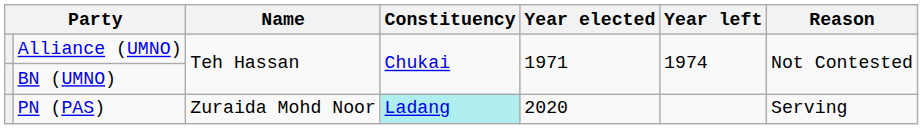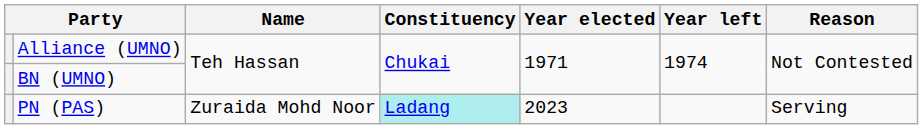 <table class="wikitable sortable">
 <tr>
 <th colspan=2>Party</th>
 <th>Name</th>
 <th>Constituency</th>
 <th>Year elected</th>
 <th>Year left</th>
 <th>Reason</th>
 </tr>
 <tr>
 <th style="background-color: "></th>
 <td><a href='#'>Alliance</a> (<a href='#'>UMNO</a>)</td>
 <td rowspan=2>Teh Hassan</td>
 <td rowspan=2><a href='#'>Chukai</a></td>
 <td rowspan=2>1971</td>
 <td rowspan=2>1974</td>
 <td rowspan=2>Not Contested</td>
 </tr>
 <tr>
 <th style="background-color: "></th>
 <td><a href='#'>BN</a> (<a href='#'>UMNO</a>)</td>
 </tr>
 <tr>
 <th style="background-color: "></th>
 <td><a href='#'>PN</a> (<a href='#'>PAS</a>)</td>
 <td>Zuraida Mohd Noor</td>
 <td style="background: paleturquoise;"><a href='#'>Ladang</a></td>
-<td>2020</td>
+<td>2023</td>
 <td></td>
 <td>Serving</td>
 </tr>
 </table>
